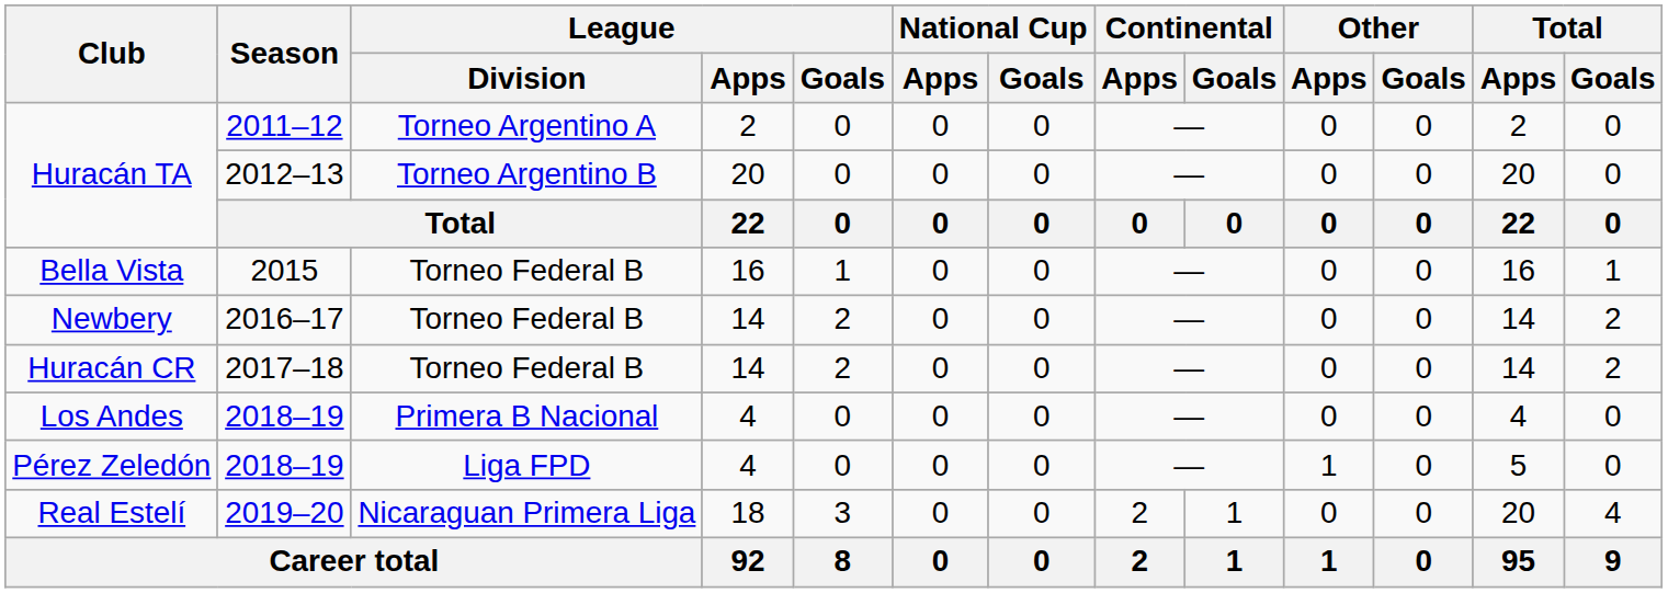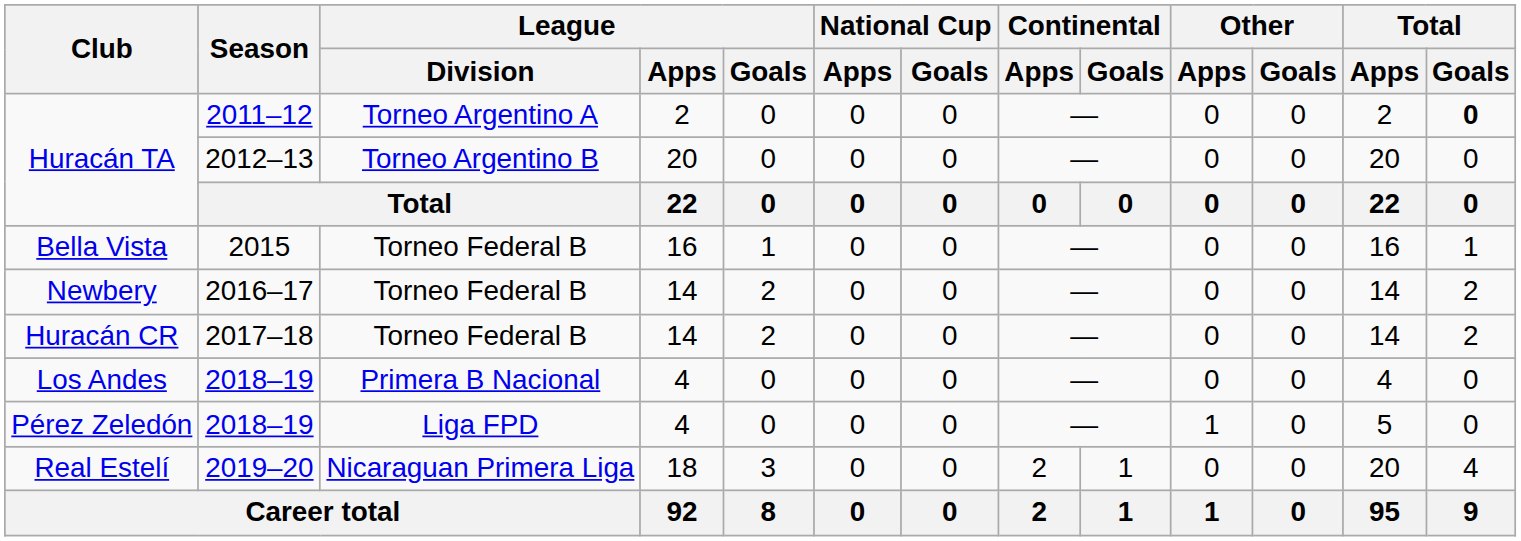 <table class="wikitable" style="text-align:center">
 <tr>
 <th rowspan="2">Club</th>
 <th rowspan="2">Season</th>
 <th colspan="3">League</th>
 <th colspan="2">National Cup</th>
 <th colspan="2">Continental</th>
 <th colspan="2">Other</th>
 <th colspan="2">Total</th>
 </tr>
 <tr>
 <th>Division</th>
 <th>Apps</th>
 <th>Goals</th>
 <th>Apps</th>
 <th>Goals</th>
 <th>Apps</th>
 <th>Goals</th>
 <th>Apps</th>
 <th>Goals</th>
 <th>Apps</th>
 <th>Goals</th>
 </tr>
 <tr>
 <td rowspan="3"><a href='#'>Huracán TA</a></td>
 <td><a href='#'>2011–12</a></td>
 <td><a href='#'>Torneo Argentino A</a></td>
 <td>2</td>
 <td>0</td>
 <td>0</td>
 <td>0</td>
 <td colspan="2">—</td>
 <td>0</td>
 <td>0</td>
 <td>2</td>
-<td>0</td>
+<td><strong>0</strong></td>
 </tr>
 <tr>
 <td>2012–13</td>
 <td><a href='#'>Torneo Argentino B</a></td>
 <td>20</td>
 <td>0</td>
 <td>0</td>
 <td>0</td>
 <td colspan="2">—</td>
 <td>0</td>
 <td>0</td>
 <td>20</td>
 <td>0</td>
 </tr>
 <tr>
 <th colspan="2">Total</th>
 <th>22</th>
 <th>0</th>
 <th>0</th>
 <th>0</th>
 <th>0</th>
 <th>0</th>
 <th>0</th>
 <th>0</th>
 <th>22</th>
 <th>0</th>
 </tr>
 <tr>
 <td rowspan="1"><a href='#'>Bella Vista</a></td>
 <td>2015</td>
 <td>Torneo Federal B</td>
 <td>16</td>
 <td>1</td>
 <td>0</td>
 <td>0</td>
 <td colspan="2">—</td>
 <td>0</td>
 <td>0</td>
 <td>16</td>
 <td>1</td>
 </tr>
 <tr>
 <td rowspan="1"><a href='#'>Newbery</a></td>
 <td>2016–17</td>
 <td>Torneo Federal B</td>
 <td>14</td>
 <td>2</td>
 <td>0</td>
 <td>0</td>
 <td colspan="2">—</td>
 <td>0</td>
 <td>0</td>
 <td>14</td>
 <td>2</td>
 </tr>
 <tr>
 <td rowspan="1"><a href='#'>Huracán CR</a></td>
 <td>2017–18</td>
 <td>Torneo Federal B</td>
 <td>14</td>
 <td>2</td>
 <td>0</td>
 <td>0</td>
 <td colspan="2">—</td>
 <td>0</td>
 <td>0</td>
 <td>14</td>
 <td>2</td>
 </tr>
 <tr>
 <td rowspan="1"><a href='#'>Los Andes</a></td>
 <td><a href='#'>2018–19</a></td>
 <td><a href='#'>Primera B Nacional</a></td>
 <td>4</td>
 <td>0</td>
 <td>0</td>
 <td>0</td>
 <td colspan="2">—</td>
 <td>0</td>
 <td>0</td>
 <td>4</td>
 <td>0</td>
 </tr>
 <tr>
 <td rowspan="1"><a href='#'>Pérez Zeledón</a></td>
 <td><a href='#'>2018–19</a></td>
 <td><a href='#'>Liga FPD</a></td>
 <td>4</td>
 <td>0</td>
 <td>0</td>
 <td>0</td>
 <td colspan="2">—</td>
 <td>1</td>
 <td>0</td>
 <td>5</td>
 <td>0</td>
 </tr>
 <tr>
 <td rowspan="1"><a href='#'>Real Estelí</a></td>
 <td><a href='#'>2019–20</a></td>
 <td><a href='#'>Nicaraguan Primera Liga</a></td>
 <td>18</td>
 <td>3</td>
 <td>0</td>
 <td>0</td>
 <td>2</td>
 <td>1</td>
 <td>0</td>
 <td>0</td>
 <td>20</td>
 <td>4</td>
 </tr>
 <tr>
 <th colspan="3">Career total</th>
 <th>92</th>
 <th>8</th>
 <th>0</th>
 <th>0</th>
 <th>2</th>
 <th>1</th>
 <th>1</th>
 <th>0</th>
 <th>95</th>
 <th>9</th>
 </tr>
 </table>
